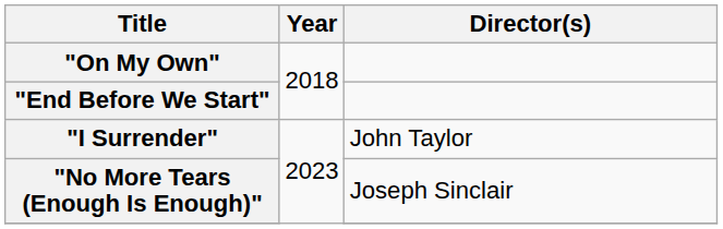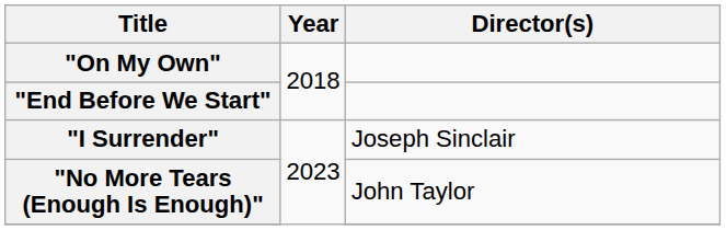 <table class="wikitable plainrowheaders">
 <tr>
 <th style="width:175px;">Title</th>
 <th>Year</th>
 <th style="width:240px;">Director(s)</th>
 </tr>
 <tr>
 <th scope="row">"On My Own"</th>
 <td rowspan="2">2018</td>
 <td></td>
 </tr>
 <tr>
 <th scope="row">"End Before We Start"</th>
 <td></td>
 </tr>
 <tr>
 <th scope="row">"I Surrender"</th>
 <td rowspan="4">2023</td>
-<td>John Taylor</td>
+<td>Joseph Sinclair</td>
 </tr>
 <tr>
 <th scope="row">"No More Tears (Enough Is Enough)"</th>
-<td>Joseph Sinclair</td>
+<td>John Taylor</td>
 </tr>
 <tr>
 </tr>
 </table>
